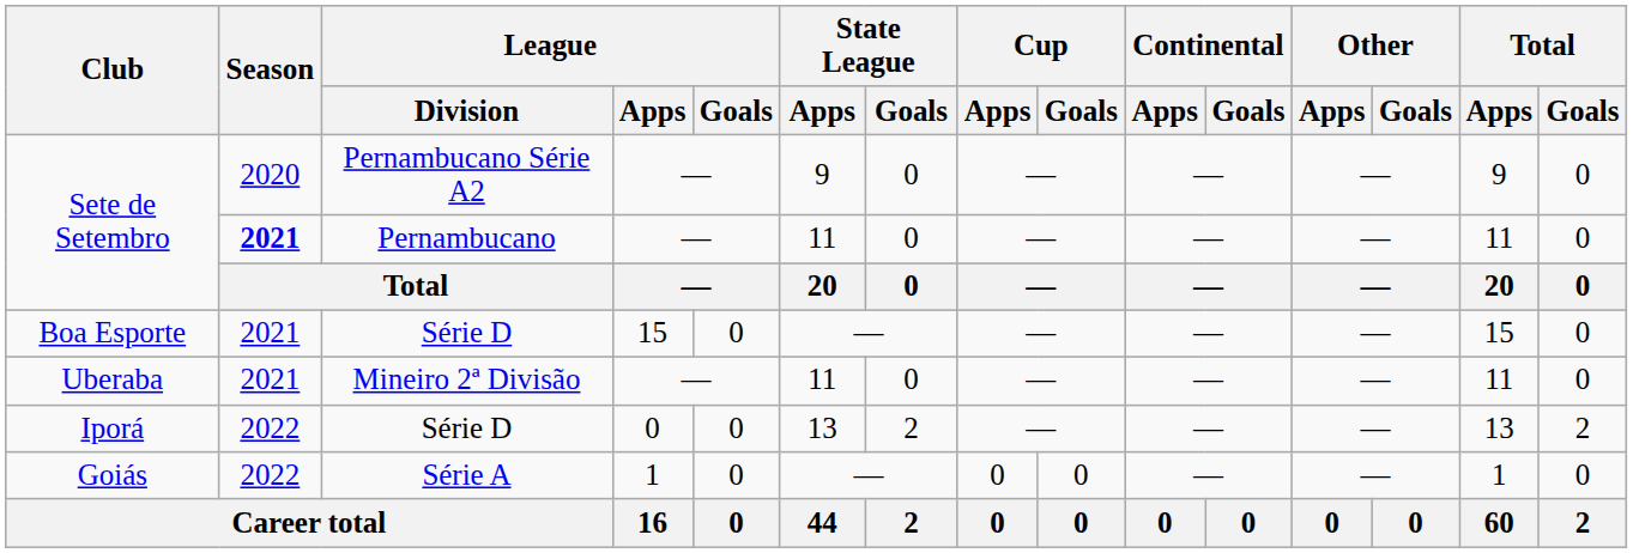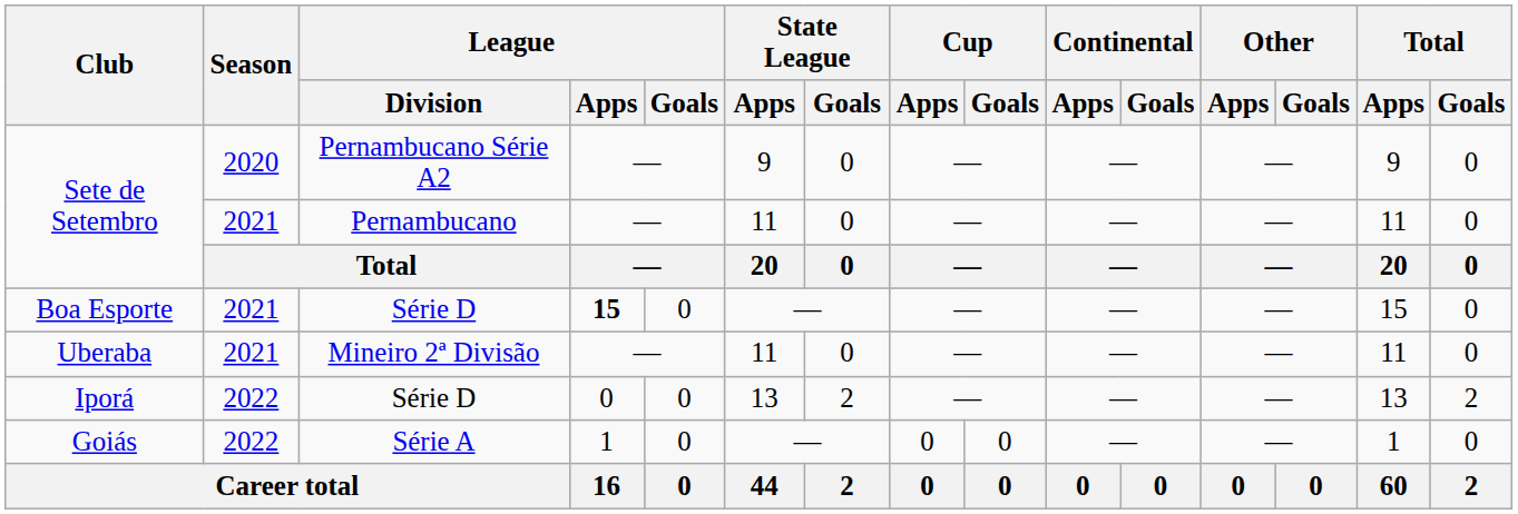 <table class="wikitable" style="text-align: center;">
 <tr>
 <th rowspan="2">Club</th>
 <th rowspan="2">Season</th>
 <th colspan="3">League</th>
 <th colspan="2">State League</th>
 <th colspan="2">Cup</th>
 <th colspan="2">Continental</th>
 <th colspan="2">Other</th>
 <th colspan="2">Total</th>
 </tr>
 <tr>
 <th>Division</th>
 <th>Apps</th>
 <th>Goals</th>
 <th>Apps</th>
 <th>Goals</th>
 <th>Apps</th>
 <th>Goals</th>
 <th>Apps</th>
 <th>Goals</th>
 <th>Apps</th>
 <th>Goals</th>
 <th>Apps</th>
 <th>Goals</th>
 </tr>
 <tr>
 <td rowspan="3" valign="center"><a href='#'>Sete de Setembro</a></td>
 <td><a href='#'>2020</a></td>
 <td><a href='#'>Pernambucano Série A2</a></td>
 <td colspan="2">—</td>
 <td>9</td>
 <td>0</td>
 <td colspan="2">—</td>
 <td colspan="2">—</td>
 <td colspan="2">—</td>
 <td>9</td>
 <td>0</td>
 </tr>
 <tr>
-<td><strong><a href='#'>2021</a></strong></td>
+<td><a href='#'>2021</a></td>
 <td><a href='#'>Pernambucano</a></td>
 <td colspan="2">—</td>
 <td>11</td>
 <td>0</td>
 <td colspan="2">—</td>
 <td colspan="2">—</td>
 <td colspan="2">—</td>
 <td>11</td>
 <td>0</td>
 </tr>
 <tr>
 <th colspan="2">Total</th>
 <th colspan="2">—</th>
 <th>20</th>
 <th>0</th>
 <th colspan="2">—</th>
 <th colspan="2">—</th>
 <th colspan="2">—</th>
 <th>20</th>
 <th>0</th>
 </tr>
 <tr>
 <td valign="center"><a href='#'>Boa Esporte</a></td>
 <td><a href='#'>2021</a></td>
 <td><a href='#'>Série D</a></td>
-<td>15</td>
+<td><strong>15</strong></td>
 <td>0</td>
 <td colspan="2">—</td>
 <td colspan="2">—</td>
 <td colspan="2">—</td>
 <td colspan="2">—</td>
 <td>15</td>
 <td>0</td>
 </tr>
 <tr>
 <td valign="center"><a href='#'>Uberaba</a></td>
 <td><a href='#'>2021</a></td>
 <td><a href='#'>Mineiro 2ª Divisão</a></td>
 <td colspan="2">—</td>
 <td>11</td>
 <td>0</td>
 <td colspan="2">—</td>
 <td colspan="2">—</td>
 <td colspan="2">—</td>
 <td>11</td>
 <td>0</td>
 </tr>
 <tr>
 <td valign="center"><a href='#'>Iporá</a></td>
 <td><a href='#'>2022</a></td>
 <td>Série D</td>
 <td>0</td>
 <td>0</td>
 <td>13</td>
 <td>2</td>
 <td colspan="2">—</td>
 <td colspan="2">—</td>
 <td colspan="2">—</td>
 <td>13</td>
 <td>2</td>
 </tr>
 <tr>
 <td valign="center"><a href='#'>Goiás</a></td>
 <td><a href='#'>2022</a></td>
 <td><a href='#'>Série A</a></td>
 <td>1</td>
 <td>0</td>
 <td colspan="2">—</td>
 <td>0</td>
 <td>0</td>
 <td colspan="2">—</td>
 <td colspan="2">—</td>
 <td>1</td>
 <td>0</td>
 </tr>
 <tr>
 <th colspan="3"><strong>Career total</strong></th>
 <th>16</th>
 <th>0</th>
 <th>44</th>
 <th>2</th>
 <th>0</th>
 <th>0</th>
 <th>0</th>
 <th>0</th>
 <th>0</th>
 <th>0</th>
 <th>60</th>
 <th>2</th>
 </tr>
 </table>
